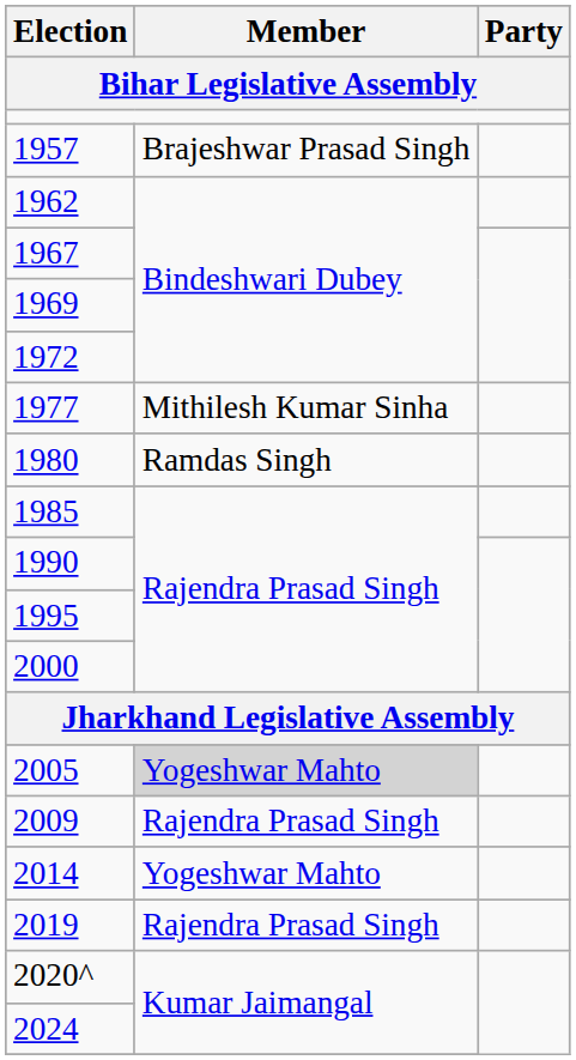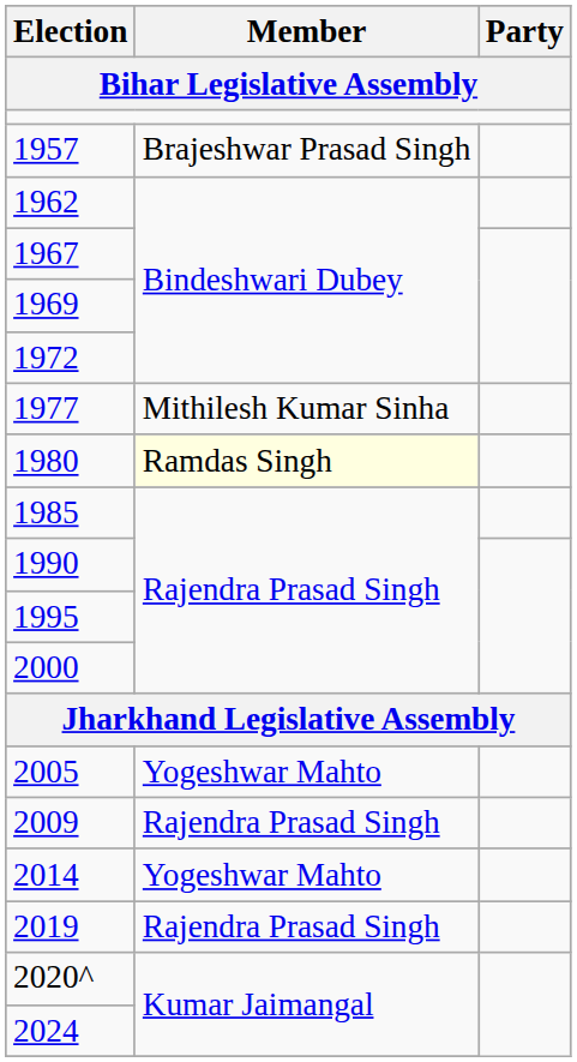 <table class="wikitable sortable">
 <tr>
 <th>Election</th>
 <th>Member</th>
 <th colspan=2>Party</th>
 </tr>
 <tr>
 <th colspan=4><a href='#'>Bihar Legislative Assembly</a></th>
 </tr>
 <tr>
 <td colspan="4"></td>
 </tr>
 <tr>
 <td><a href='#'>1957</a></td>
 <td>Brajeshwar Prasad Singh</td>
 <td></td>
 </tr>
 <tr>
 <td><a href='#'>1962</a></td>
 <td rowspan=4><a href='#'>Bindeshwari Dubey</a></td>
 <td></td>
 </tr>
 <tr>
 <td><a href='#'>1967</a></td>
 </tr>
 <tr>
 <td><a href='#'>1969</a></td>
 </tr>
 <tr>
 <td><a href='#'>1972</a></td>
 </tr>
 <tr>
 <td><a href='#'>1977</a></td>
 <td>Mithilesh Kumar Sinha</td>
 <td></td>
 </tr>
 <tr>
 <td><a href='#'>1980</a></td>
-<td>Ramdas Singh</td>
+<td style="background: lightyellow;">Ramdas Singh</td>
 <td></td>
 </tr>
 <tr>
 <td><a href='#'>1985</a></td>
 <td rowspan=4><a href='#'>Rajendra Prasad Singh</a></td>
 <td></td>
 </tr>
 <tr>
 <td><a href='#'>1990</a></td>
 </tr>
 <tr>
 <td><a href='#'>1995</a></td>
 </tr>
 <tr>
 <td><a href='#'>2000</a></td>
 </tr>
 <tr>
 <th colspan=4><a href='#'>Jharkhand Legislative Assembly</a></th>
 </tr>
 <tr>
 <td><a href='#'>2005</a></td>
-<td style="background: lightgrey;"><a href='#'>Yogeshwar Mahto</a></td>
+<td><a href='#'>Yogeshwar Mahto</a></td>
 <td></td>
 </tr>
 <tr>
 <td><a href='#'>2009</a></td>
 <td><a href='#'>Rajendra Prasad Singh</a></td>
 <td></td>
 </tr>
 <tr>
 <td><a href='#'>2014</a></td>
 <td><a href='#'>Yogeshwar Mahto</a></td>
 <td></td>
 </tr>
 <tr>
 <td><a href='#'>2019</a></td>
 <td><a href='#'>Rajendra Prasad Singh</a></td>
 <td></td>
 </tr>
 <tr>
 <td>2020^</td>
 <td rowspan =2><a href='#'>Kumar Jaimangal</a></td>
 </tr>
 <tr>
 <td><a href='#'>2024</a></td>
 </tr>
 <tr>
 </tr>
 </table>
